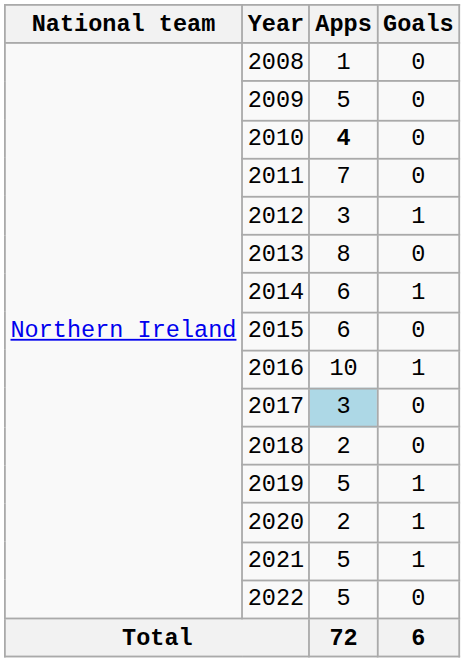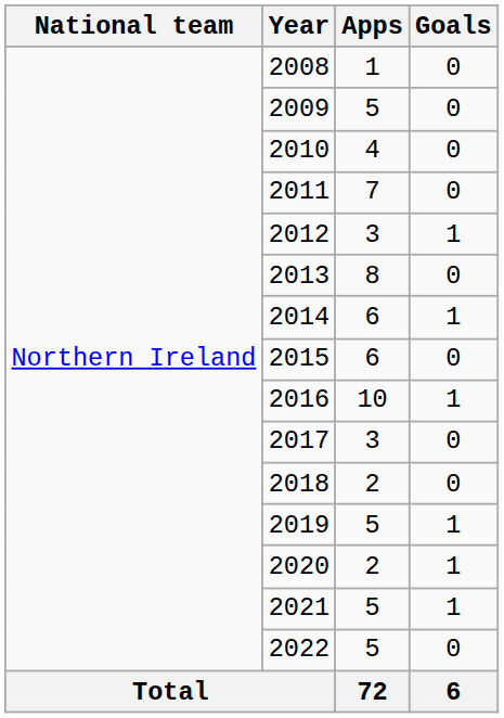 <table class=wikitable style="text-align: center;">
 <tr>
 <th>National team</th>
 <th>Year</th>
 <th>Apps</th>
 <th>Goals</th>
 </tr>
 <tr>
 <td rowspan="15"><a href='#'>Northern Ireland</a></td>
 <td>2008</td>
 <td>1</td>
 <td>0</td>
 </tr>
 <tr>
 <td>2009</td>
 <td>5</td>
 <td>0</td>
 </tr>
 <tr>
 <td>2010</td>
-<td><strong>4</strong></td>
+<td>4</td>
 <td>0</td>
 </tr>
 <tr>
 <td>2011</td>
 <td>7</td>
 <td>0</td>
 </tr>
 <tr>
 <td>2012</td>
 <td>3</td>
 <td>1</td>
 </tr>
 <tr>
 <td>2013</td>
 <td>8</td>
 <td>0</td>
 </tr>
 <tr>
 <td>2014</td>
 <td>6</td>
 <td>1</td>
 </tr>
 <tr>
 <td>2015</td>
 <td>6</td>
 <td>0</td>
 </tr>
 <tr>
 <td>2016</td>
 <td>10</td>
 <td>1</td>
 </tr>
 <tr>
 <td>2017</td>
-<td style="background: lightblue;">3</td>
+<td>3</td>
 <td>0</td>
 </tr>
 <tr>
 <td>2018</td>
 <td>2</td>
 <td>0</td>
 </tr>
 <tr>
 <td>2019</td>
 <td>5</td>
 <td>1</td>
 </tr>
 <tr>
 <td>2020</td>
 <td>2</td>
 <td>1</td>
 </tr>
 <tr>
 <td>2021</td>
 <td>5</td>
 <td>1</td>
 </tr>
 <tr>
 <td>2022</td>
 <td>5</td>
 <td>0</td>
 </tr>
 <tr>
 <th colspan="2">Total</th>
 <th>72</th>
 <th>6</th>
 </tr>
 </table>
